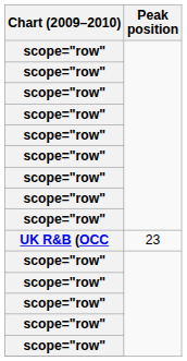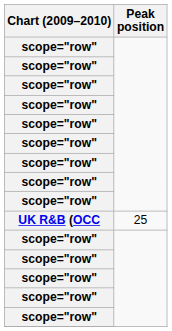 <table class="wikitable sortable plainrowheaders" style="text-align:center">
 <tr>
 <th>Chart (2009–2010)</th>
 <th>Peak<br>position</th>
 </tr>
 <tr>
 <th>scope="row" </th>
 </tr>
 <tr>
 <th>scope="row" </th>
 </tr>
 <tr>
 <th>scope="row" </th>
 </tr>
 <tr>
 <th>scope="row" </th>
 </tr>
 <tr>
 <th>scope="row" </th>
 </tr>
 <tr>
 <th>scope="row" </th>
 </tr>
 <tr>
 <th>scope="row" </th>
 </tr>
 <tr>
 <th>scope="row" </th>
 </tr>
 <tr>
 <th>scope="row" </th>
 </tr>
 <tr>
 <th scope="row"><a href='#'>UK R&B</a> (<a href='#'>OCC</a></th>
-<td style="text-align:center;">23</td>
+<td style="text-align:center;">25</td>
 </tr>
 <tr>
 <th>scope="row" </th>
 </tr>
 <tr>
 <th>scope="row" </th>
 </tr>
 <tr>
 <th>scope="row" </th>
 </tr>
 <tr>
 <th>scope="row" </th>
 </tr>
 <tr>
 <th>scope="row" </th>
 </tr>
 <tr>
 </tr>
 </table>
